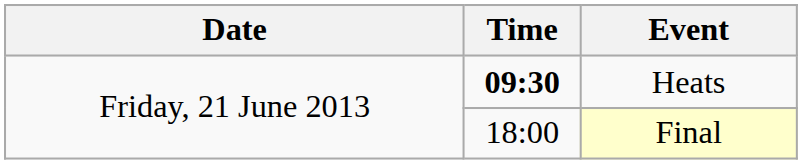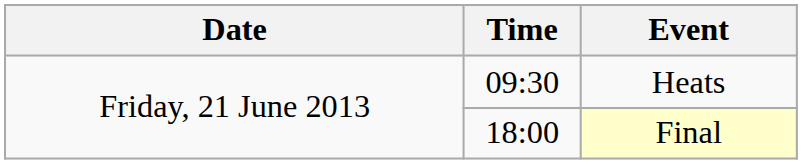 <table class = "wikitable" style="text-align:center;">
 <tr>
 <th width=220>Date</th>
 <th width=50>Time</th>
 <th width=100>Event</th>
 </tr>
 <tr>
 <td rowspan=2>Friday, 21 June 2013</td>
-<td><strong>09:30</strong></td>
+<td>09:30</td>
 <td>Heats</td>
 </tr>
 <tr>
 <td>18:00</td>
 <td bgcolor=ffffcc>Final</td>
 </tr>
 </table>
